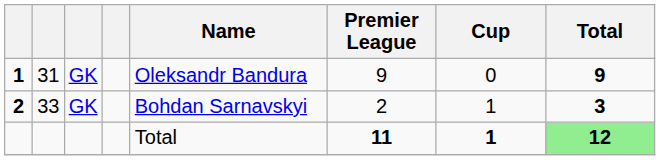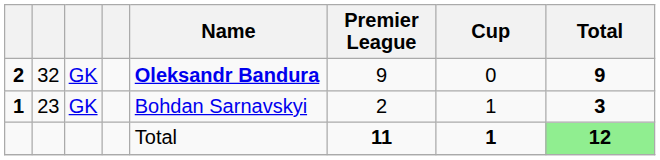 <table class="wikitable" style="text-align:center">
 <tr>
 <th width=15></th>
 <th width=15></th>
 <th width=15></th>
 <th width=15></th>
 <th width=150>Name</th>
 <th width=80><strong>Premier League</strong></th>
 <th width=80><strong>Cup</strong></th>
 <th width=80>Total</th>
 </tr>
 <tr>
-<td><strong>1</strong></td>
-<td>31</td>
+<td><strong>2</strong></td>
+<td>32</td>
 <td><a href='#'>GK</a></td>
 <td></td>
-<td align=left><a href='#'>Oleksandr Bandura</a></td>
+<td align=left><strong><a href='#'>Oleksandr Bandura</a></strong></td>
 <td>9</td>
 <td>0</td>
 <td><strong>9</strong></td>
 </tr>
 <tr>
-<td><strong>2</strong></td>
-<td>33</td>
+<td><strong>1</strong></td>
+<td>23</td>
 <td><a href='#'>GK</a></td>
 <td></td>
 <td align=left><a href='#'>Bohdan Sarnavskyi</a></td>
 <td>2</td>
 <td>1</td>
 <td><strong>3</strong></td>
 </tr>
 <tr>
 <td></td>
 <td></td>
 <td></td>
 <td></td>
 <td align=left>Total</td>
 <td><strong>11</strong></td>
 <td><strong>1</strong></td>
 <td style="background: lightgreen;"><strong>12</strong></td>
 </tr>
 <tr>
 </tr>
 </table>
